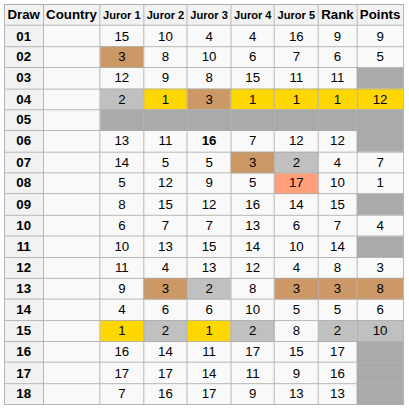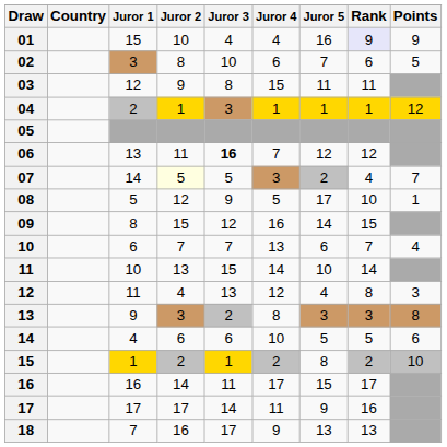 <table class="sortable wikitable collapsible plainrowheaders" style="text-align:center;">
 <tr>
 </tr>
 <tr>
 <th scope="col">Draw</th>
 <th scope="col">Country</th>
 <th scope="col"><small>Juror 1</small></th>
 <th scope="col"><small>Juror 2</small></th>
 <th scope="col"><small>Juror 3</small></th>
 <th scope="col"><small>Juror 4</small></th>
 <th scope="col"><small>Juror 5</small></th>
 <th scope="col">Rank</th>
 <th scope="col">Points</th>
 </tr>
 <tr>
 <th scope="row" style="text-align:center;">01</th>
 <td style="text-align:left;"></td>
 <td>15</td>
 <td>10</td>
 <td>4</td>
 <td>4</td>
 <td>16</td>
-<td>9</td>
+<td style="background: lavender;">9</td>
 <td>9</td>
 </tr>
 <tr>
 <th scope="row" style="text-align:center;">02</th>
 <td style="text-align:left;"></td>
 <td style="background:#CC9966;">3</td>
 <td>8</td>
 <td>10</td>
 <td>6</td>
 <td>7</td>
 <td>6</td>
 <td>5</td>
 </tr>
 <tr>
 <th scope="row" style="text-align:center;">03</th>
 <td style="text-align:left;"></td>
 <td>12</td>
 <td>9</td>
 <td>8</td>
 <td>15</td>
 <td>11</td>
 <td>11</td>
 <td style="background:#AAAAAA;"></td>
 </tr>
 <tr>
 <th scope="row" style="text-align:center;">04</th>
 <td style="text-align:left;"></td>
 <td style="background:silver;">2</td>
 <td style="background:gold;">1</td>
 <td style="background:#CC9966;">3</td>
 <td style="background:gold;">1</td>
 <td style="background:gold;">1</td>
 <td style="background:gold;">1</td>
 <td style="background:gold;">12</td>
 </tr>
 <tr>
 <th scope="row" style="text-align:center;">05</th>
 <td style="text-align:left;"></td>
 <td style="background:#AAAAAA;"></td>
 <td style="background:#AAAAAA;"></td>
 <td style="background:#AAAAAA;"></td>
 <td style="background:#AAAAAA;"></td>
 <td style="background:#AAAAAA;"></td>
 <td style="background:#AAAAAA;"></td>
 <td style="background:#AAAAAA;"></td>
 </tr>
 <tr>
 <th scope="row" style="text-align:center;">06</th>
 <td style="text-align:left;"></td>
 <td>13</td>
 <td>11</td>
 <td><strong>16</strong></td>
 <td>7</td>
 <td>12</td>
 <td>12</td>
 <td style="background:#AAAAAA;"></td>
 </tr>
 <tr>
 <th scope="row" style="text-align:center;">07</th>
 <td style="text-align:left;"></td>
 <td>14</td>
-<td>5</td>
+<td style="background: lightyellow;">5</td>
 <td>5</td>
 <td style="background:#CC9966;">3</td>
 <td style="background:silver;">2</td>
 <td>4</td>
 <td>7</td>
 </tr>
 <tr>
 <th scope="row" style="text-align:center;">08</th>
 <td style="text-align:left;"></td>
 <td>5</td>
 <td>12</td>
 <td>9</td>
 <td>5</td>
-<td style="background: lightsalmon;">17</td>
+<td>17</td>
 <td>10</td>
 <td>1</td>
 </tr>
 <tr>
 <th scope="row" style="text-align:center;">09</th>
 <td style="text-align:left;"></td>
 <td>8</td>
 <td>15</td>
 <td>12</td>
 <td>16</td>
 <td>14</td>
 <td>15</td>
 <td style="background:#AAAAAA;"></td>
 </tr>
 <tr>
 <th scope="row" style="text-align:center;">10</th>
 <td style="text-align:left;"></td>
 <td>6</td>
 <td>7</td>
 <td>7</td>
 <td>13</td>
 <td>6</td>
 <td>7</td>
 <td>4</td>
 </tr>
 <tr>
 <th scope="row" style="text-align:center;">11</th>
 <td style="text-align:left;"></td>
 <td>10</td>
 <td>13</td>
 <td>15</td>
 <td>14</td>
 <td>10</td>
 <td>14</td>
 <td style="background:#AAAAAA;"></td>
 </tr>
 <tr>
 <th scope="row" style="text-align:center;">12</th>
 <td style="text-align:left;"></td>
 <td>11</td>
 <td>4</td>
 <td>13</td>
 <td>12</td>
 <td>4</td>
 <td>8</td>
 <td>3</td>
 </tr>
 <tr>
 <th scope="row" style="text-align:center;">13</th>
 <td style="text-align:left;"></td>
 <td>9</td>
 <td style="background:#CC9966;">3</td>
 <td style="background:silver;">2</td>
 <td>8</td>
 <td style="background:#CC9966;">3</td>
 <td style="background:#CC9966;">3</td>
 <td style="background:#CC9966;">8</td>
 </tr>
 <tr>
 <th scope="row" style="text-align:center;">14</th>
 <td style="text-align:left;"></td>
 <td>4</td>
 <td>6</td>
 <td>6</td>
 <td>10</td>
 <td>5</td>
 <td>5</td>
 <td>6</td>
 </tr>
 <tr>
 <th scope="row" style="text-align:center;">15</th>
 <td style="text-align:left;"></td>
 <td style="background:gold;">1</td>
 <td style="background:silver;">2</td>
 <td style="background:gold;">1</td>
 <td style="background:silver;">2</td>
 <td>8</td>
 <td style="background:silver";>2</td>
 <td style="background:silver;">10</td>
 </tr>
 <tr>
 <th scope="row" style="text-align:center;">16</th>
 <td style="text-align:left;"></td>
 <td>16</td>
 <td>14</td>
 <td>11</td>
 <td>17</td>
 <td>15</td>
 <td>17</td>
 <td style="background:#AAAAAA;"></td>
 </tr>
 <tr>
 <th scope="row" style="text-align:center;">17</th>
 <td style="text-align:left;"></td>
 <td>17</td>
 <td>17</td>
 <td>14</td>
 <td>11</td>
 <td>9</td>
 <td>16</td>
 <td style="background:#AAAAAA;"></td>
 </tr>
 <tr>
 <th scope="row" style="text-align:center;">18</th>
 <td style="text-align:left;"></td>
 <td>7</td>
 <td>16</td>
 <td>17</td>
 <td>9</td>
 <td>13</td>
 <td>13</td>
 <td style="background:#AAAAAA;"></td>
 </tr>
 </table>
